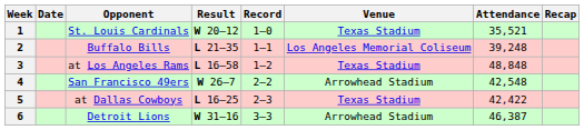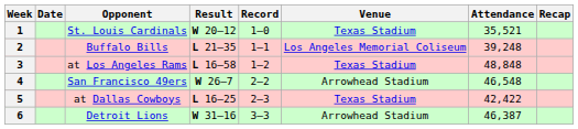 <table class="wikitable" style="text-align:center">
 <tr>
 <th>Week</th>
 <th>Date</th>
 <th>Opponent</th>
 <th>Result</th>
 <th>Record</th>
 <th>Venue</th>
 <th>Attendance</th>
 <th>Recap</th>
 </tr>
 <tr style="background:#cfc">
 <th>1</th>
 <td></td>
 <td><a href='#'>St. Louis Cardinals</a></td>
 <td><strong>W</strong> 20–12</td>
 <td>1–0</td>
 <td><a href='#'>Texas Stadium</a></td>
 <td>35,521</td>
 <td></td>
 </tr>
 <tr style="background:#fcc">
 <th>2</th>
 <td></td>
 <td><a href='#'>Buffalo Bills</a></td>
 <td><strong>L</strong> 21–35</td>
 <td>1–1</td>
 <td><a href='#'>Los Angeles Memorial Coliseum</a></td>
 <td>39,248</td>
 <td></td>
 </tr>
 <tr style="background:#fcc">
 <th>3</th>
 <td></td>
 <td>at <a href='#'>Los Angeles Rams</a></td>
 <td><strong>L</strong> 16–58</td>
 <td>1–2</td>
 <td><a href='#'>Texas Stadium</a></td>
 <td>48,848</td>
 <td></td>
 </tr>
 <tr style="background:#cfc">
 <th>4</th>
 <td></td>
 <td><a href='#'>San Francisco 49ers</a></td>
 <td><strong>W</strong> 26–7</td>
 <td>2–2</td>
 <td>Arrowhead Stadium</td>
-<td>42,548</td>
+<td>46,548</td>
 <td></td>
 </tr>
 <tr style="background:#fcc">
 <th>5</th>
 <td></td>
 <td>at <a href='#'>Dallas Cowboys</a></td>
 <td><strong>L</strong> 16–25</td>
 <td>2–3</td>
 <td><a href='#'>Texas Stadium</a></td>
 <td>42,422</td>
 <td></td>
 </tr>
 <tr style="background:#cfc">
 <th>6</th>
 <td></td>
 <td><a href='#'>Detroit Lions</a></td>
 <td><strong>W</strong> 31–16</td>
 <td>3–3</td>
 <td>Arrowhead Stadium</td>
 <td>46,387</td>
 <td></td>
 </tr>
 </table>
